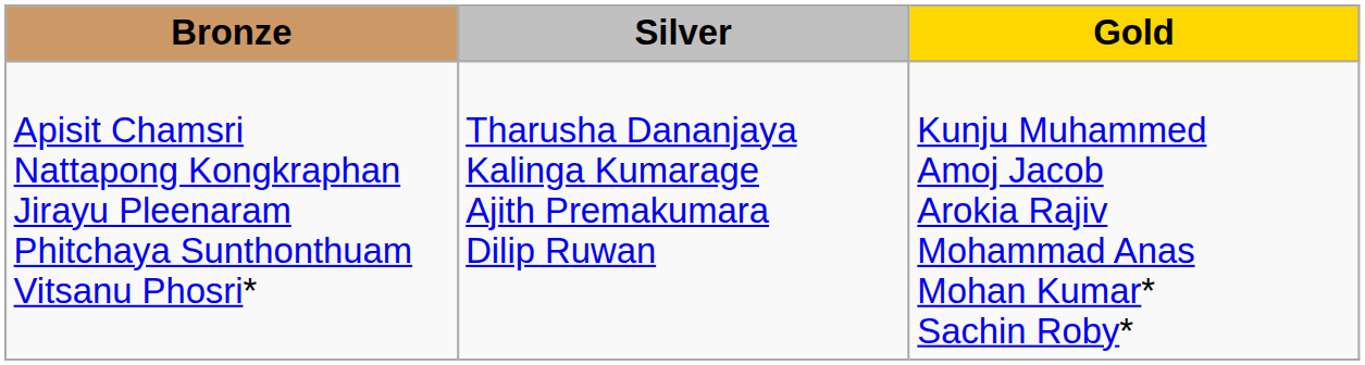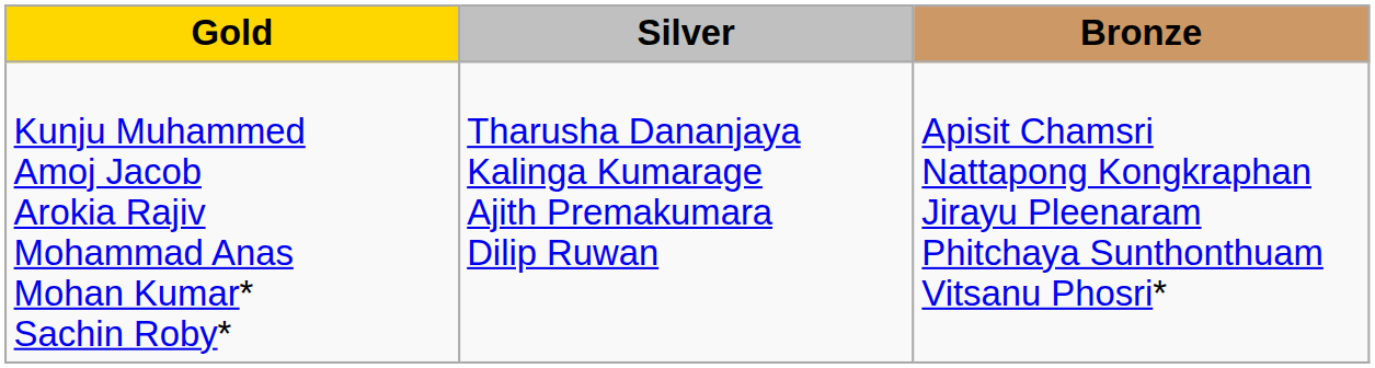 <table class="wikitable" style="text-align:left">
 <tr align="center">
+<td width=200 bgcolor=gold><strong>Gold</strong></td>
+<td width=200 bgcolor=silver><strong>Silver</strong></td>
 <td width=200 bgcolor=CC9966><strong>Bronze</strong></td>
-<td width=200 bgcolor=silver><strong>Silver</strong></td>
-<td width=200 bgcolor=gold><strong>Gold</strong></td>
 </tr>
 <tr>
+<td valign=top><em></em><br><a href='#'>Kunju Muhammed</a><br><a href='#'>Amoj Jacob</a><br><a href='#'>Arokia Rajiv</a><br><a href='#'>Mohammad Anas</a><br><a href='#'>Mohan Kumar</a>*<br><a href='#'>Sachin Roby</a>*</td>
+<td valign=top><em></em><br><a href='#'>Tharusha Dananjaya</a><br><a href='#'>Kalinga Kumarage</a><br><a href='#'>Ajith Premakumara</a><br><a href='#'>Dilip Ruwan</a></td>
 <td valign=top><em></em><br><a href='#'>Apisit Chamsri</a><br><a href='#'>Nattapong Kongkraphan</a><br><a href='#'>Jirayu Pleenaram</a><br><a href='#'>Phitchaya Sunthonthuam</a><br><a href='#'>Vitsanu Phosri</a>*</td>
-<td valign=top><em></em><br><a href='#'>Tharusha Dananjaya</a><br><a href='#'>Kalinga Kumarage</a><br><a href='#'>Ajith Premakumara</a><br><a href='#'>Dilip Ruwan</a></td>
-<td valign=top><em></em><br><a href='#'>Kunju Muhammed</a><br><a href='#'>Amoj Jacob</a><br><a href='#'>Arokia Rajiv</a><br><a href='#'>Mohammad Anas</a><br><a href='#'>Mohan Kumar</a>*<br><a href='#'>Sachin Roby</a>*</td>
 </tr>
 </table>
